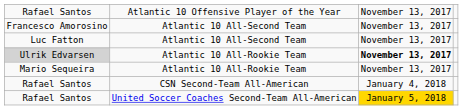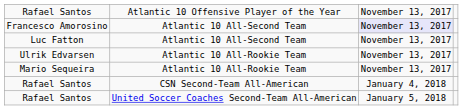 <table class="wikitable sortable" style="text-align: center">
 <tr>
 <td>Rafael Santos</td>
 <td>Atlantic 10 Offensive Player of the Year</td>
 <td>November 13, 2017</td>
 <td></td>
 </tr>
 <tr>
 <td>Francesco Amorosino</td>
 <td>Atlantic 10 All-Second Team</td>
-<td>November 13, 2017</td>
+<td style="background: lavender;">November 13, 2017</td>
 <td></td>
 </tr>
 <tr>
 <td>Luc Fatton</td>
 <td>Atlantic 10 All-Second Team</td>
 <td>November 13, 2017</td>
 <td></td>
 </tr>
 <tr>
-<td style="background: lightgrey;">Ulrik Edvarsen</td>
+<td>Ulrik Edvarsen</td>
 <td>Atlantic 10 All-Rookie Team</td>
-<td><strong>November 13, 2017</strong></td>
+<td>November 13, 2017</td>
 <td></td>
 </tr>
 <tr>
 <td>Mario Sequeira</td>
 <td>Atlantic 10 All-Rookie Team</td>
 <td>November 13, 2017</td>
 <td></td>
 </tr>
 <tr>
 <td>Rafael Santos</td>
 <td>CSN Second-Team All-American</td>
 <td>January 4, 2018</td>
 <td></td>
 </tr>
 <tr>
 <td>Rafael Santos</td>
 <td><a href='#'>United Soccer Coaches</a> Second-Team All-American</td>
-<td style="background: gold;">January 5, 2018</td>
+<td>January 5, 2018</td>
 <td></td>
 </tr>
 </table>
